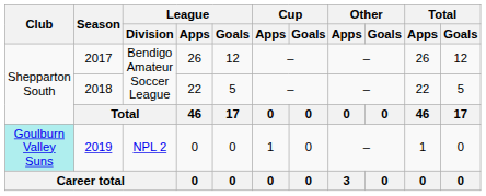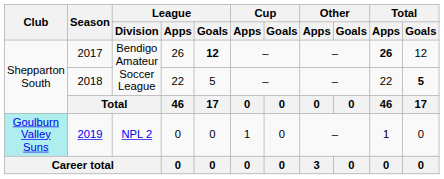 <table class="wikitable" style="text-align: center">
 <tr>
 <th rowspan="2">Club</th>
 <th rowspan="2">Season</th>
 <th colspan="3">League</th>
 <th colspan="2">Cup</th>
 <th colspan="2">Other</th>
 <th colspan="2">Total</th>
 </tr>
 <tr>
 <th>Division</th>
 <th>Apps</th>
 <th>Goals</th>
 <th>Apps</th>
 <th>Goals</th>
 <th>Apps</th>
 <th>Goals</th>
 <th>Apps</th>
 <th>Goals</th>
 </tr>
 <tr>
 <td rowspan="3">Shepparton South</td>
 <td>2017</td>
 <td rowspan="2">Bendigo Amateur Soccer League</td>
 <td>26</td>
-<td>12</td>
+<td><strong>12</strong></td>
 <td colspan="2">–</td>
 <td colspan="2">–</td>
-<td>26</td>
+<td><strong>26</strong></td>
 <td>12</td>
 </tr>
 <tr>
 <td>2018</td>
 <td>22</td>
 <td>5</td>
 <td colspan="2">–</td>
 <td colspan="2">–</td>
 <td>22</td>
-<td>5</td>
+<td><strong>5</strong></td>
 </tr>
 <tr>
 <th colspan=2>Total</th>
 <th>46</th>
 <th>17</th>
 <th>0</th>
 <th>0</th>
 <th>0</th>
 <th>0</th>
 <th>46</th>
 <th>17</th>
 </tr>
 <tr>
 <td style="background: paleturquoise;"><a href='#'>Goulburn Valley Suns</a></td>
 <td><a href='#'>2019</a></td>
 <td><a href='#'>NPL 2</a></td>
 <td>0</td>
 <td>0</td>
 <td>1</td>
 <td>0</td>
 <td colspan="2">–</td>
 <td>1</td>
 <td>0</td>
 </tr>
 <tr>
 <th colspan=3>Career total</th>
 <th>0</th>
 <th>0</th>
 <th>0</th>
 <th>0</th>
 <th>3</th>
 <th>0</th>
 <th>0</th>
 <th>0</th>
 </tr>
 </table>
